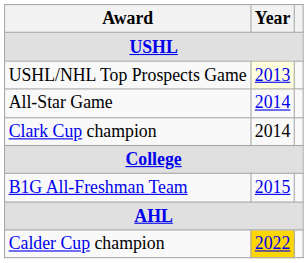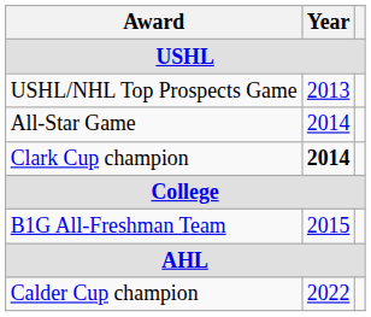 <table class="wikitable">
 <tr>
 <th>Award</th>
 <th>Year</th>
 <th></th>
 </tr>
 <tr ALIGN="center" bgcolor="#e0e0e0">
 <td colspan="3"><strong><a href='#'>USHL</a></strong></td>
 </tr>
 <tr>
 <td>USHL/NHL Top Prospects Game</td>
-<td style="background: lightyellow;"><a href='#'>2013</a></td>
+<td><a href='#'>2013</a></td>
 <td></td>
 </tr>
 <tr>
 <td>All-Star Game</td>
 <td><a href='#'>2014</a></td>
 <td></td>
 </tr>
 <tr>
 <td><a href='#'>Clark Cup</a> champion</td>
-<td>2014</td>
+<td><strong>2014</strong></td>
 <td></td>
 </tr>
 <tr ALIGN="center" bgcolor="#e0e0e0">
 <td colspan="3"><strong><a href='#'>College</a></strong></td>
 </tr>
 <tr>
 <td><a href='#'>B1G All-Freshman Team</a></td>
 <td><a href='#'>2015</a></td>
 <td></td>
 </tr>
 <tr ALIGN="center" bgcolor="#e0e0e0">
 <td colspan="3"><strong><a href='#'>AHL</a></strong></td>
 </tr>
 <tr>
 <td><a href='#'>Calder Cup</a> champion</td>
-<td style="background: gold;"><a href='#'>2022</a></td>
+<td><a href='#'>2022</a></td>
 <td></td>
 </tr>
 </table>
